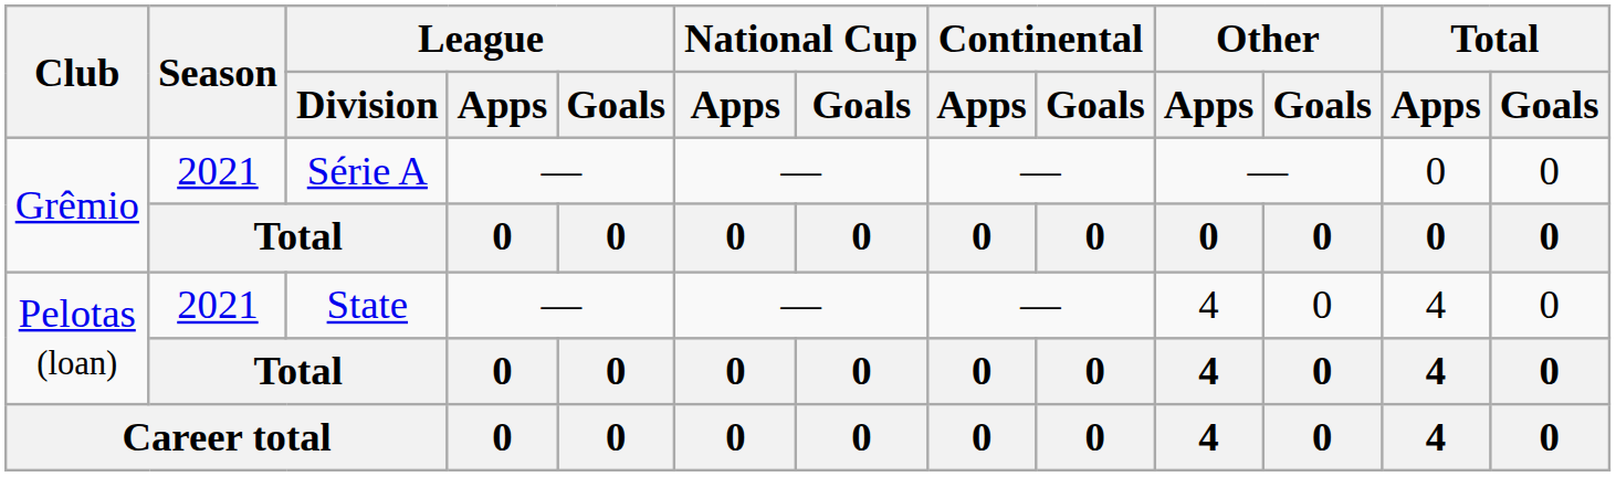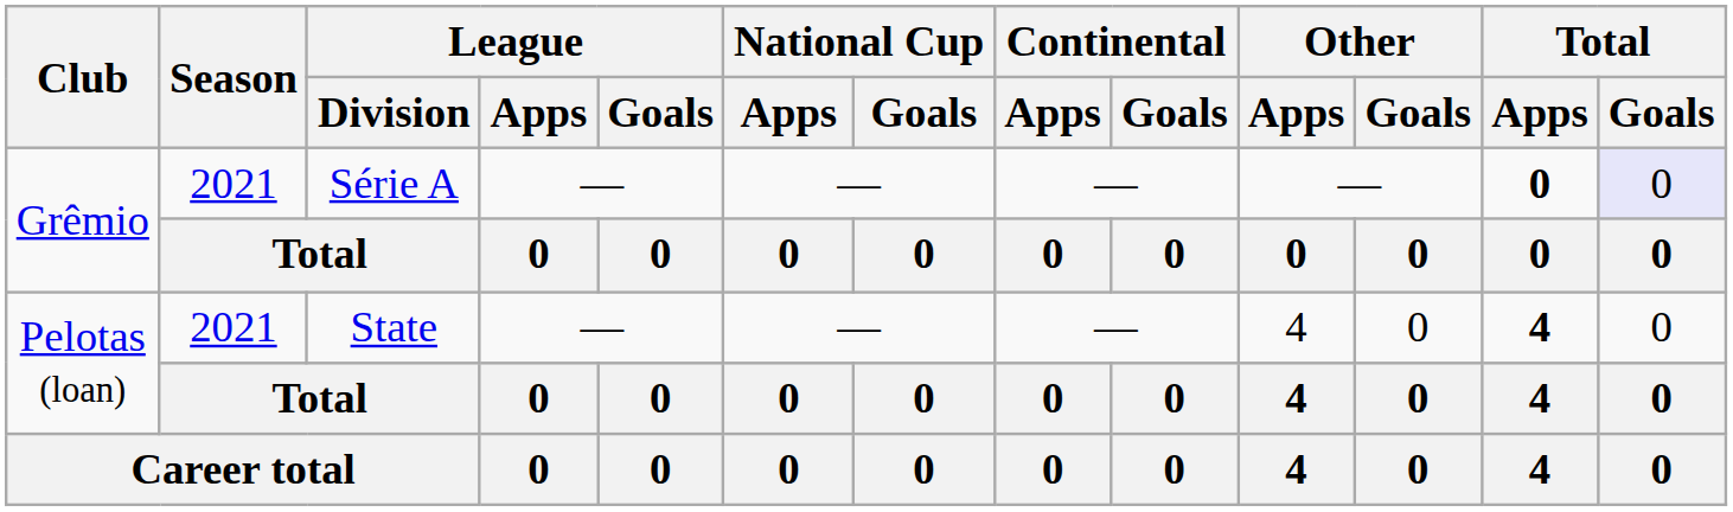 <table class="wikitable" style="text-align: center; font-size:96%">
 <tr>
 <th rowspan="2">Club</th>
 <th rowspan="2">Season</th>
 <th colspan="3">League</th>
 <th colspan="2">National Cup</th>
 <th colspan="2">Continental</th>
 <th colspan="2">Other</th>
 <th colspan="2">Total</th>
 </tr>
 <tr>
 <th>Division</th>
 <th>Apps</th>
 <th>Goals</th>
 <th>Apps</th>
 <th>Goals</th>
 <th>Apps</th>
 <th>Goals</th>
 <th>Apps</th>
 <th>Goals</th>
 <th>Apps</th>
 <th>Goals</th>
 </tr>
 <tr>
 <td rowspan=2><a href='#'>Grêmio</a></td>
 <td><a href='#'>2021</a></td>
 <td><a href='#'>Série A</a></td>
 <td colspan="2">—</td>
 <td colspan="2">—</td>
 <td colspan="2">—</td>
 <td colspan="2">—</td>
-<td>0</td>
-<td>0</td>
+<td><strong>0</strong></td>
+<td style="background: lavender;">0</td>
 </tr>
 <tr>
 <th colspan=2>Total</th>
 <th>0</th>
 <th>0</th>
 <th>0</th>
 <th>0</th>
 <th>0</th>
 <th>0</th>
 <th>0</th>
 <th>0</th>
 <th>0</th>
 <th>0</th>
 </tr>
 <tr>
 <td rowspan=2><a href='#'>Pelotas</a><br><small>(loan)</small></td>
 <td><a href='#'>2021</a></td>
 <td><a href='#'>State</a></td>
 <td colspan="2">—</td>
 <td colspan="2">—</td>
 <td colspan="2">—</td>
 <td>4</td>
 <td>0</td>
-<td>4</td>
+<td><strong>4</strong></td>
 <td>0</td>
 </tr>
 <tr>
 <th colspan=2>Total</th>
 <th>0</th>
 <th>0</th>
 <th>0</th>
 <th>0</th>
 <th>0</th>
 <th>0</th>
 <th>4</th>
 <th>0</th>
 <th>4</th>
 <th>0</th>
 </tr>
 <tr>
 <th colspan="3"><strong>Career total</strong></th>
 <th>0</th>
 <th>0</th>
 <th>0</th>
 <th>0</th>
 <th>0</th>
 <th>0</th>
 <th>4</th>
 <th>0</th>
 <th>4</th>
 <th>0</th>
 </tr>
 </table>
